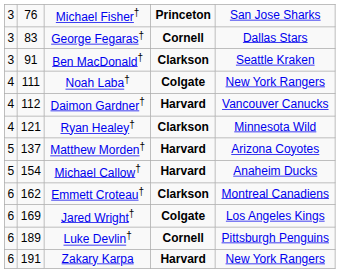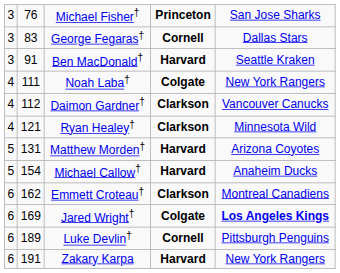 <table class="wikitable sortable" width="50%">
 <tr align="center" bgcolor="">
 <td>3</td>
 <td>76</td>
 <td><a href='#'>Michael Fisher</a><sup>†</sup></td>
 <td><strong>Princeton</strong></td>
 <td><a href='#'>San Jose Sharks</a></td>
 </tr>
 <tr align="center" bgcolor="">
 <td>3</td>
 <td>83</td>
 <td><a href='#'>George Fegaras</a><sup>†</sup></td>
 <td><strong>Cornell</strong></td>
 <td><a href='#'>Dallas Stars</a></td>
 </tr>
 <tr align="center" bgcolor="">
 <td>3</td>
 <td>91</td>
 <td><a href='#'>Ben MacDonald</a><sup>†</sup></td>
-<td><strong>Clarkson</strong></td>
+<td><strong>Harvard</strong></td>
 <td><a href='#'>Seattle Kraken</a></td>
 </tr>
 <tr align="center" bgcolor="">
 <td>4</td>
 <td>111</td>
 <td><a href='#'>Noah Laba</a><sup>†</sup></td>
 <td><strong>Colgate</strong></td>
 <td><a href='#'>New York Rangers</a></td>
 </tr>
 <tr align="center" bgcolor="">
 <td>4</td>
 <td>112</td>
 <td><a href='#'>Daimon Gardner</a><sup>†</sup></td>
-<td><strong>Harvard</strong></td>
+<td><strong>Clarkson</strong></td>
 <td><a href='#'>Vancouver Canucks</a></td>
 </tr>
 <tr align="center" bgcolor="">
 <td>4</td>
 <td>121</td>
 <td><a href='#'>Ryan Healey</a><sup>†</sup></td>
 <td><strong>Clarkson</strong></td>
 <td><a href='#'>Minnesota Wild</a></td>
 </tr>
 <tr align="center" bgcolor="">
 <td>5</td>
-<td>137</td>
+<td>131</td>
 <td><a href='#'>Matthew Morden</a><sup>†</sup></td>
 <td><strong>Harvard</strong></td>
 <td><a href='#'>Arizona Coyotes</a></td>
 </tr>
 <tr align="center" bgcolor="">
 <td>5</td>
 <td>154</td>
 <td><a href='#'>Michael Callow</a><sup>†</sup></td>
 <td><strong>Harvard</strong></td>
 <td><a href='#'>Anaheim Ducks</a></td>
 </tr>
 <tr align="center" bgcolor="">
 <td>6</td>
 <td>162</td>
 <td><a href='#'>Emmett Croteau</a><sup>†</sup></td>
 <td><strong>Clarkson</strong></td>
 <td><a href='#'>Montreal Canadiens</a></td>
 </tr>
 <tr align="center" bgcolor="">
 <td>6</td>
 <td>169</td>
 <td><a href='#'>Jared Wright</a><sup>†</sup></td>
 <td><strong>Colgate</strong></td>
-<td><a href='#'>Los Angeles Kings</a></td>
+<td><strong><a href='#'>Los Angeles Kings</a></strong></td>
 </tr>
 <tr align="center" bgcolor="">
 <td>6</td>
 <td>189</td>
 <td><a href='#'>Luke Devlin</a><sup>†</sup></td>
 <td><strong>Cornell</strong></td>
 <td><a href='#'>Pittsburgh Penguins</a></td>
 </tr>
 <tr align="center" bgcolor="">
 <td>6</td>
 <td>191</td>
 <td><a href='#'>Zakary Karpa</a></td>
 <td><strong>Harvard</strong></td>
 <td><a href='#'>New York Rangers</a></td>
 </tr>
 </table>
